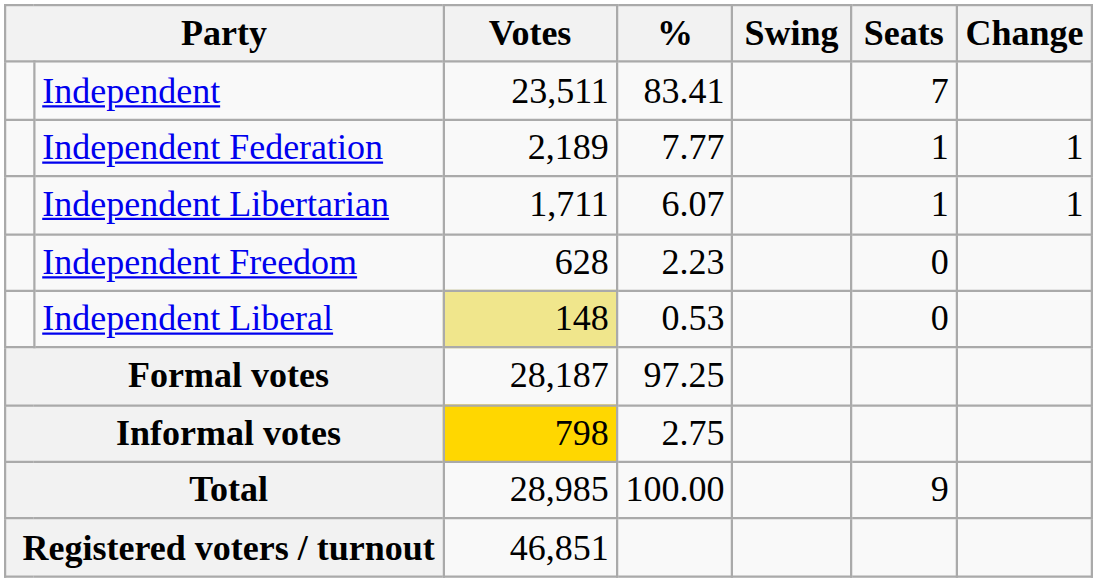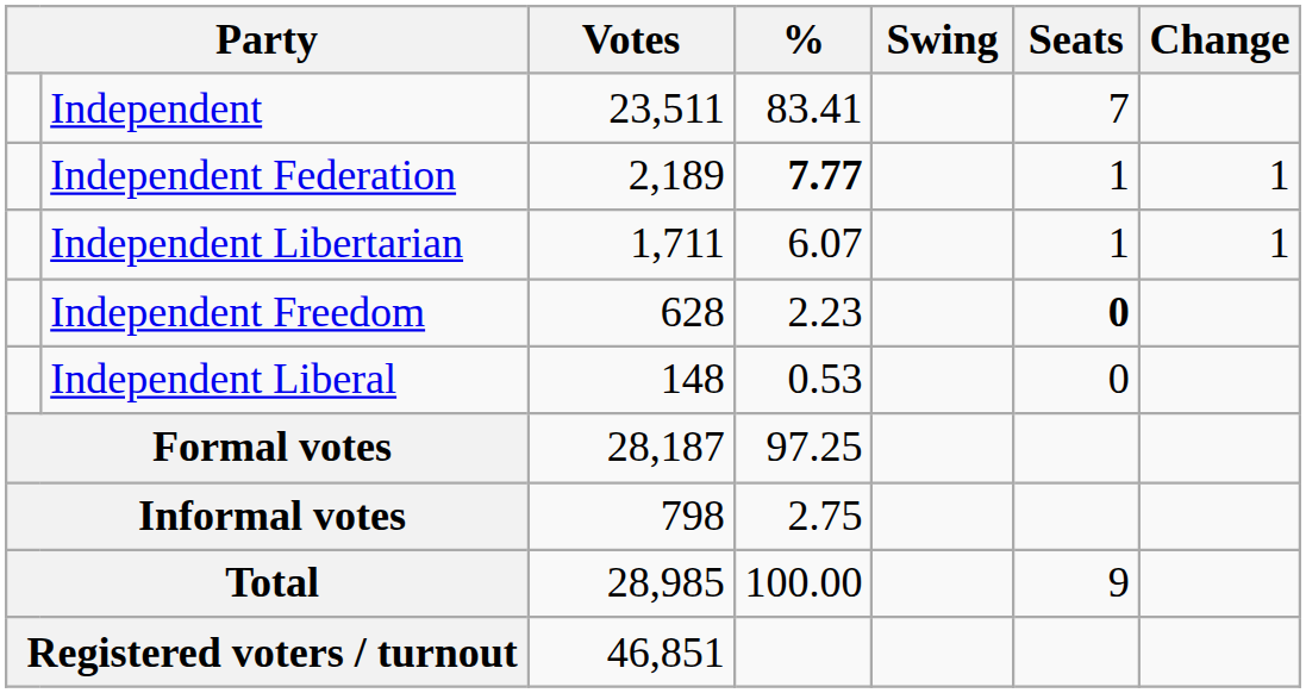 <table class="wikitable" style="text-align:right; margin-bottom:0">
 <tr>
 <th colspan="3" style="width:10px">Party</th>
 <th style="width:70px;">Votes</th>
 <th style="width:40px;">%</th>
 <th style="width:40px;">Swing</th>
 <th style="width:40px;">Seats</th>
 <th style="width:40px;">Change</th>
 </tr>
 <tr>
 <td> </td>
 <td colspan="2" style="text-align:left;"><a href='#'>Independent</a></td>
 <td style="width:70px;">23,511</td>
 <td style="width:40px;">83.41</td>
 <td style="width:45px;"></td>
 <td style="width:40px;">7</td>
 <td style="width:40px;"></td>
 </tr>
 <tr>
 <td> </td>
 <td colspan="2" style="text-align:left;"><a href='#'>Independent Federation</a></td>
 <td>2,189</td>
-<td>7.77</td>
+<td><strong>7.77</strong></td>
 <td></td>
 <td>1</td>
 <td> 1</td>
 </tr>
 <tr>
 <td> </td>
 <td colspan="2" style="text-align:left;"><a href='#'>Independent Libertarian</a></td>
 <td>1,711</td>
 <td>6.07</td>
 <td></td>
 <td>1</td>
 <td> 1</td>
 </tr>
 <tr>
 <td> </td>
 <td colspan="2" style="text-align:left;"><a href='#'>Independent Freedom</a></td>
 <td>628</td>
 <td>2.23</td>
 <td></td>
-<td>0</td>
+<td><strong>0</strong></td>
 <td></td>
 </tr>
 <tr>
 <td> </td>
 <td colspan="2" style="text-align:left;"><a href='#'>Independent Liberal</a></td>
-<td style="background: khaki;">148</td>
+<td>148</td>
 <td>0.53</td>
 <td></td>
 <td>0</td>
 <td></td>
 </tr>
 <tr>
 <th colspan="3" rowspan="1"> Formal votes</th>
 <td>28,187</td>
 <td>97.25</td>
 <td></td>
 <td></td>
 <td></td>
 </tr>
 <tr>
 <th colspan="3" rowspan="1"> Informal votes</th>
-<td style="background: gold;">798</td>
+<td>798</td>
 <td>2.75</td>
 <td></td>
 <td></td>
 <td></td>
 </tr>
 <tr>
 <th colspan="3" rowspan="1"> Total</th>
 <td>28,985</td>
 <td>100.00</td>
 <td></td>
 <td>9</td>
 <td></td>
 </tr>
 <tr>
 <th colspan="3" rowspan="1"> Registered voters / turnout</th>
 <td>46,851</td>
 <td></td>
 <td></td>
 <td></td>
 <td></td>
 </tr>
 </table>
